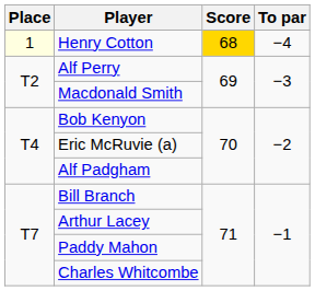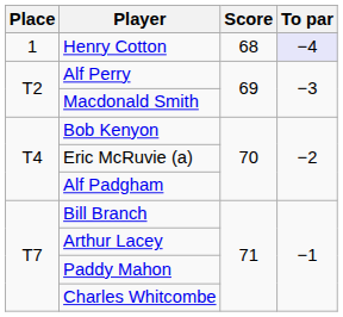 <table class=wikitable>
 <tr>
 <th>Place</th>
 <th>Player</th>
 <th>Score</th>
 <th>To par</th>
 </tr>
 <tr>
-<td align=center style="background: lightyellow;">1</td>
+<td align=center>1</td>
 <td> <a href='#'>Henry Cotton</a></td>
-<td align=center style="background: gold;">68</td>
-<td align=center>−4</td>
+<td align=center>68</td>
+<td align=center style="background: lavender;">−4</td>
 </tr>
 <tr>
 <td rowspan=2 align=center>T2</td>
 <td> <a href='#'>Alf Perry</a></td>
 <td rowspan=2 align=center>69</td>
 <td rowspan=2 align=center>−3</td>
 </tr>
 <tr>
 <td> <a href='#'>Macdonald Smith</a></td>
 </tr>
 <tr>
 <td rowspan=3 align=center>T4</td>
 <td> <a href='#'>Bob Kenyon</a></td>
 <td rowspan=3 align=center>70</td>
 <td rowspan=3 align=center>−2</td>
 </tr>
 <tr>
 <td> Eric McRuvie (a)</td>
 </tr>
 <tr>
 <td> <a href='#'>Alf Padgham</a></td>
 </tr>
 <tr>
 <td rowspan=4 align=center>T7</td>
 <td> <a href='#'>Bill Branch</a></td>
 <td rowspan=4 align=center>71</td>
 <td rowspan=4 align=center>−1</td>
 </tr>
 <tr>
 <td> <a href='#'>Arthur Lacey</a></td>
 </tr>
 <tr>
 <td> <a href='#'>Paddy Mahon</a></td>
 </tr>
 <tr>
 <td> <a href='#'>Charles Whitcombe</a></td>
 </tr>
 </table>
